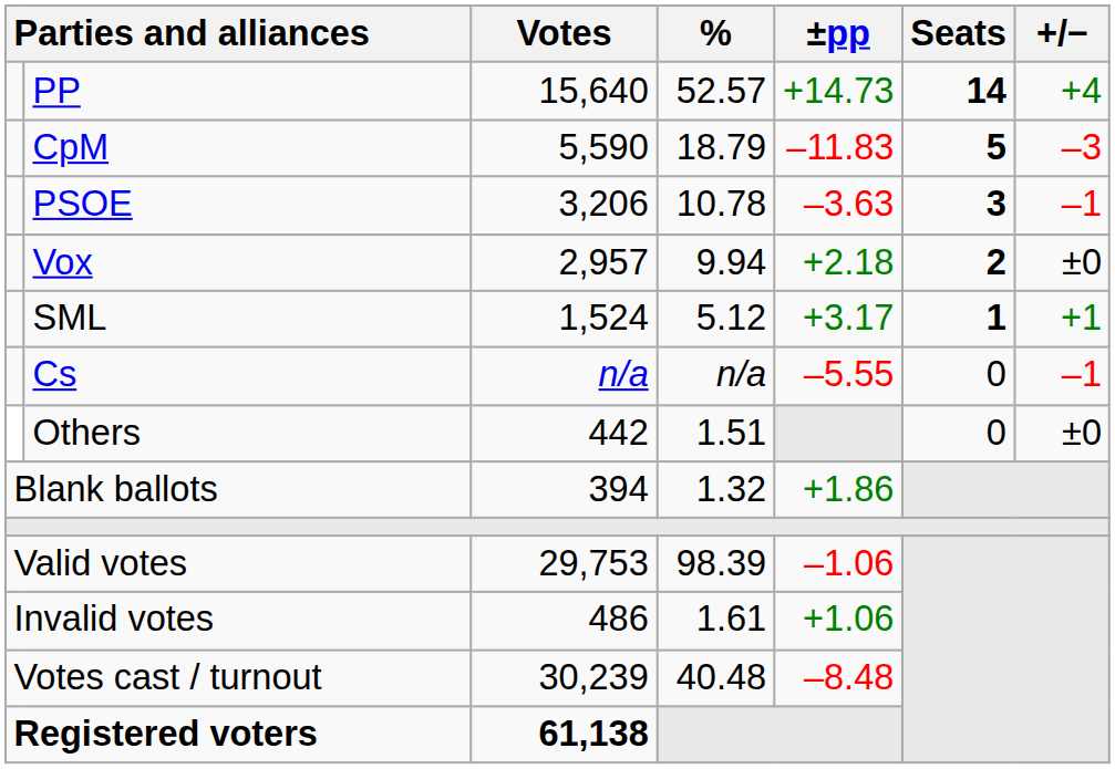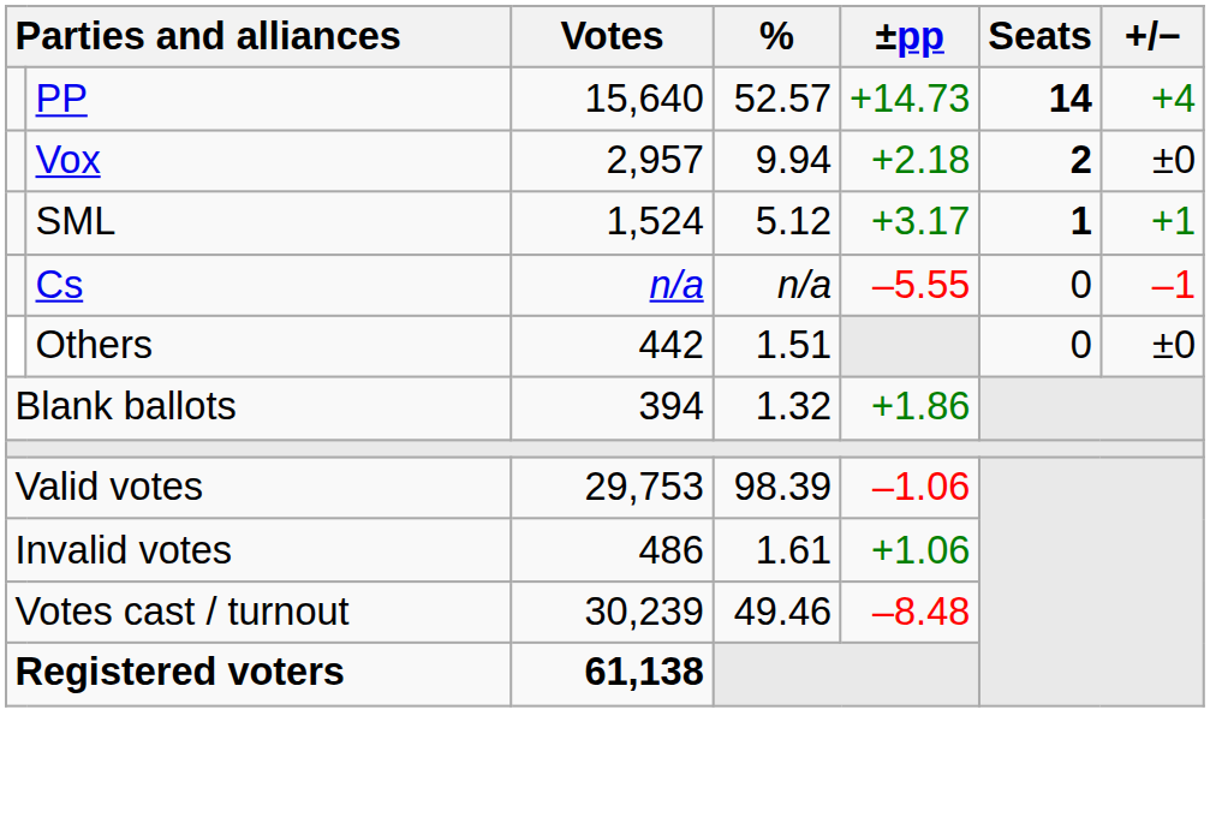 <table class="wikitable" style="text-align:right;">
 <tr>
 <th style="text-align:left;" colspan="2" width="200">Parties and alliances</th>
 <th width="75">Votes</th>
 <th width="45">%</th>
 <th width="45">±<a href='#'>pp</a></th>
 <th width="35">Seats</th>
 <th width="35">+/−</th>
 </tr>
 <tr>
 <td width="1" style="color:inherit;background:"></td>
 <td align="left"><a href='#'>PP</a></td>
 <td>15,640</td>
 <td>52.57</td>
 <td style="color:green;">+14.73</td>
 <td><strong>14</strong></td>
 <td style="color:green;">+4</td>
-</tr>
-<tr>
-<td style="color:inherit;background:"></td>
-<td align="left"><a href='#'>CpM</a></td>
-<td>5,590</td>
-<td>18.79</td>
-<td style="color:red;">–11.83</td>
-<td><strong>5</strong></td>
-<td style="color:red;">–3</td>
-</tr>
-<tr>
-<td style="color:inherit;background:"></td>
-<td align="left"><a href='#'>PSOE</a></td>
-<td>3,206</td>
-<td>10.78</td>
-<td style="color:red;">–3.63</td>
-<td><strong>3</strong></td>
-<td style="color:red;">–1</td>
 </tr>
 <tr>
 <td style="color:inherit;background:"></td>
 <td align="left"><a href='#'>Vox</a></td>
 <td>2,957</td>
 <td>9.94</td>
 <td style="color:green;">+2.18</td>
 <td><strong>2</strong></td>
 <td>±0</td>
 </tr>
 <tr>
 <td style="color:inherit;background:"></td>
 <td align="left">SML</td>
 <td>1,524</td>
 <td>5.12</td>
 <td style="color:green;">+3.17</td>
 <td><strong>1</strong></td>
 <td style="color:green;">+1</td>
 </tr>
 <tr>
 <td style="color:inherit;background:"></td>
 <td align="left"><a href='#'>Cs</a></td>
 <td><em><a href='#'>n/a</a></em></td>
 <td><em>n/a</em></td>
 <td style="color:red;">–5.55</td>
 <td>0</td>
 <td style="color:red;">–1</td>
 </tr>
 <tr>
 <td bgcolor="white"></td>
 <td align="left">Others</td>
 <td>442</td>
 <td>1.51</td>
 <td bgcolor="#E9E9E9"></td>
 <td>0</td>
 <td>±0</td>
 </tr>
 <tr>
 <td align="left" colspan="2">Blank ballots</td>
 <td>394</td>
 <td>1.32</td>
 <td style="color:green;">+1.86</td>
 <td bgcolor="#E9E9E9" colspan="2"></td>
 </tr>
 <tr>
 <td colspan="7" bgcolor="#E9E9E9"></td>
 </tr>
 <tr>
 <td align="left" colspan="2">Valid votes</td>
 <td>29,753</td>
 <td>98.39</td>
 <td style="color:red;">–1.06</td>
 <td bgcolor="#E9E9E9" colspan="2" rowspan="4"></td>
 </tr>
 <tr>
 <td align="left" colspan="2">Invalid votes</td>
 <td>486</td>
 <td>1.61</td>
 <td style="color:green;">+1.06</td>
 </tr>
 <tr>
 <td align="left" colspan="2">Votes cast / turnout</td>
 <td>30,239</td>
-<td>40.48</td>
+<td>49.46</td>
 <td style="color:red;">–8.48</td>
 </tr>
 <tr style="font-weight:bold;">
 <td align="left" colspan="2">Registered voters</td>
 <td>61,138</td>
 <td bgcolor="#E9E9E9" colspan="2"></td>
 </tr>
 </table>
